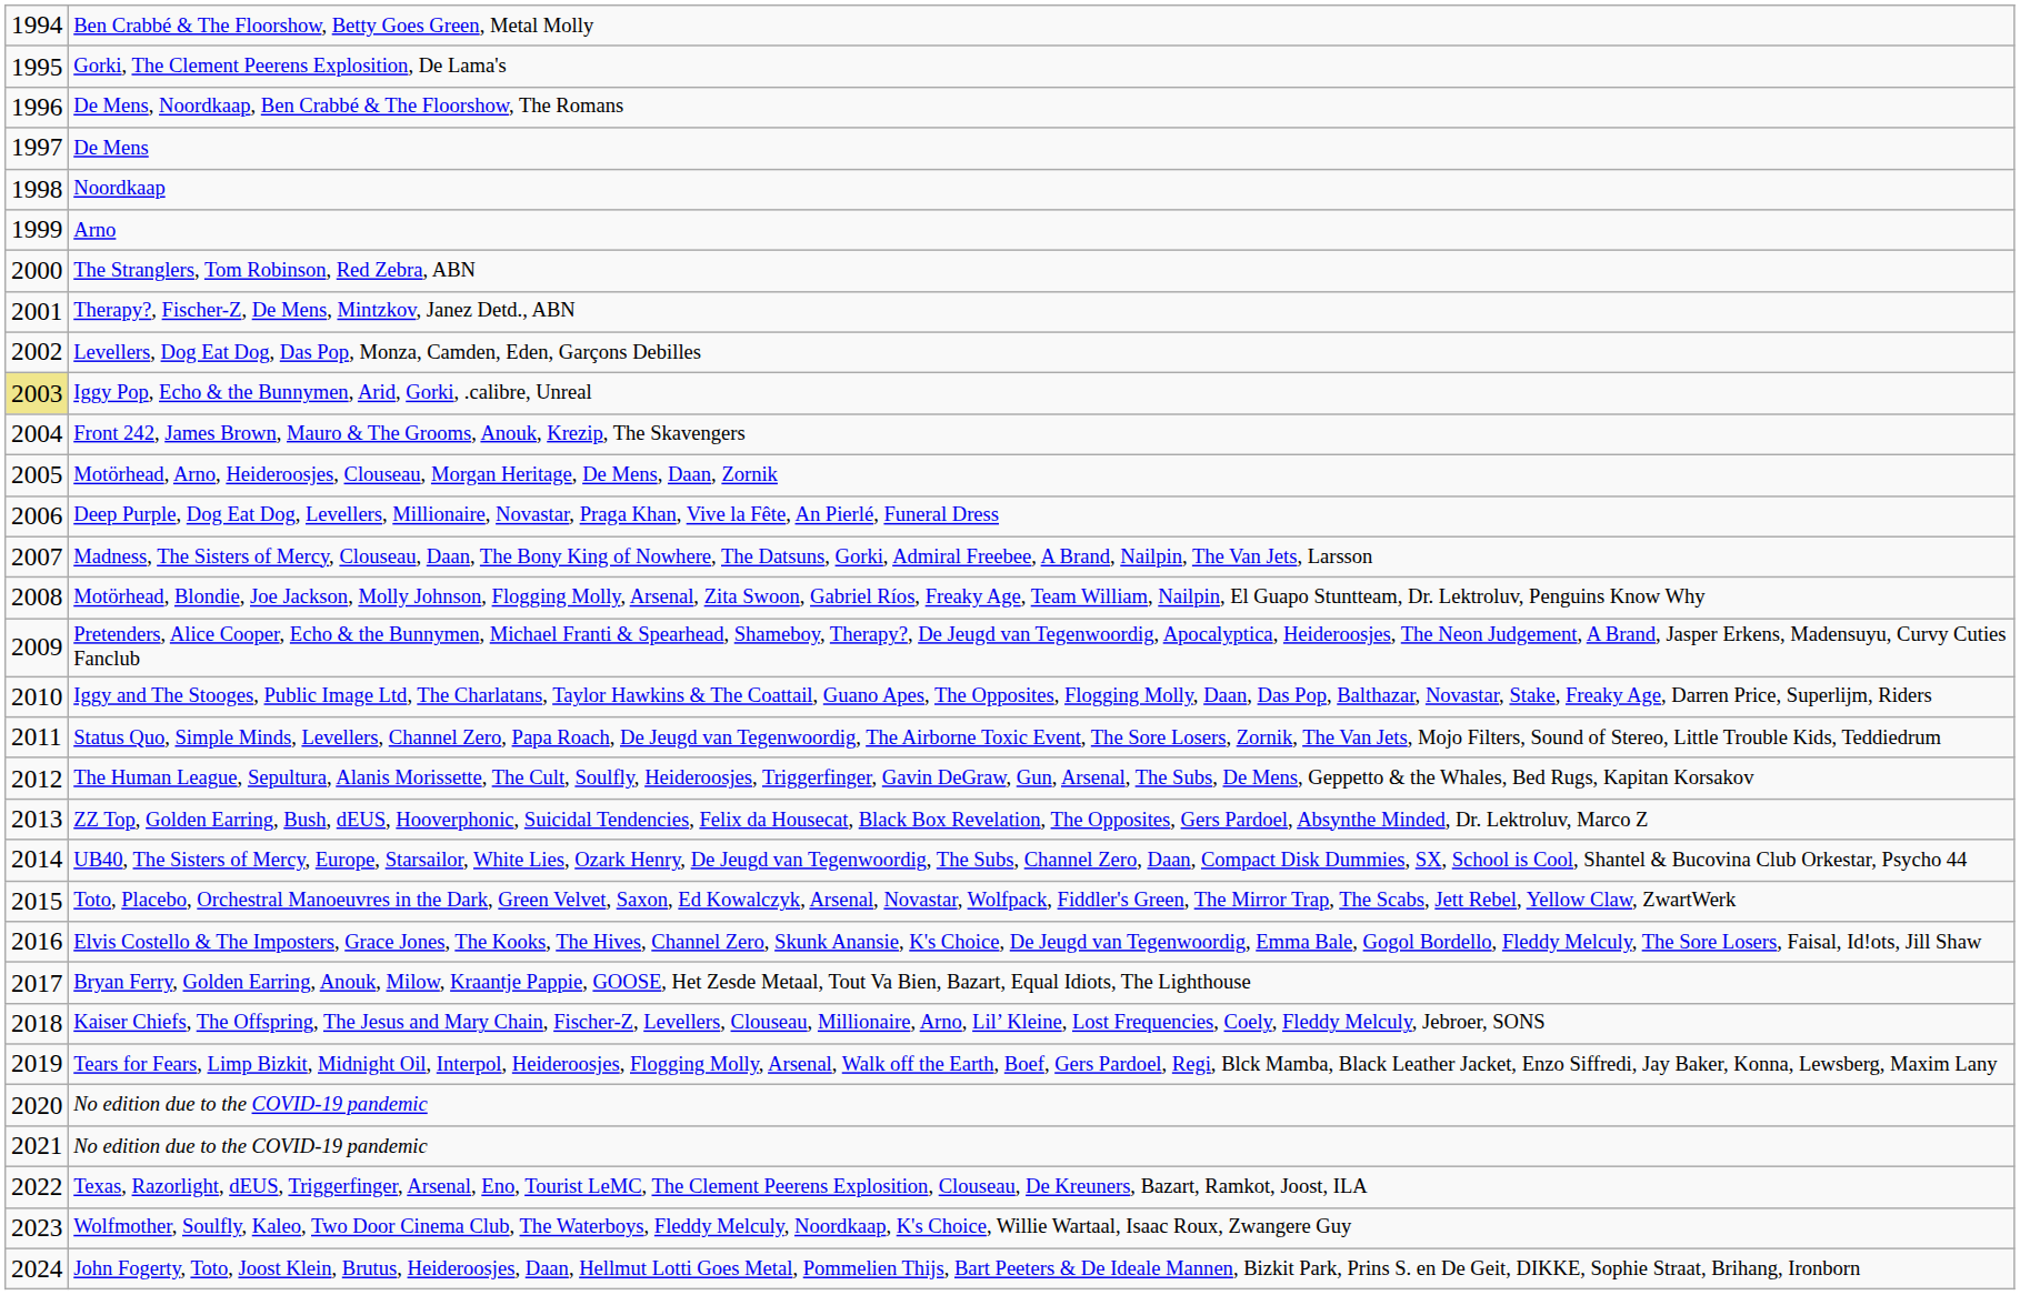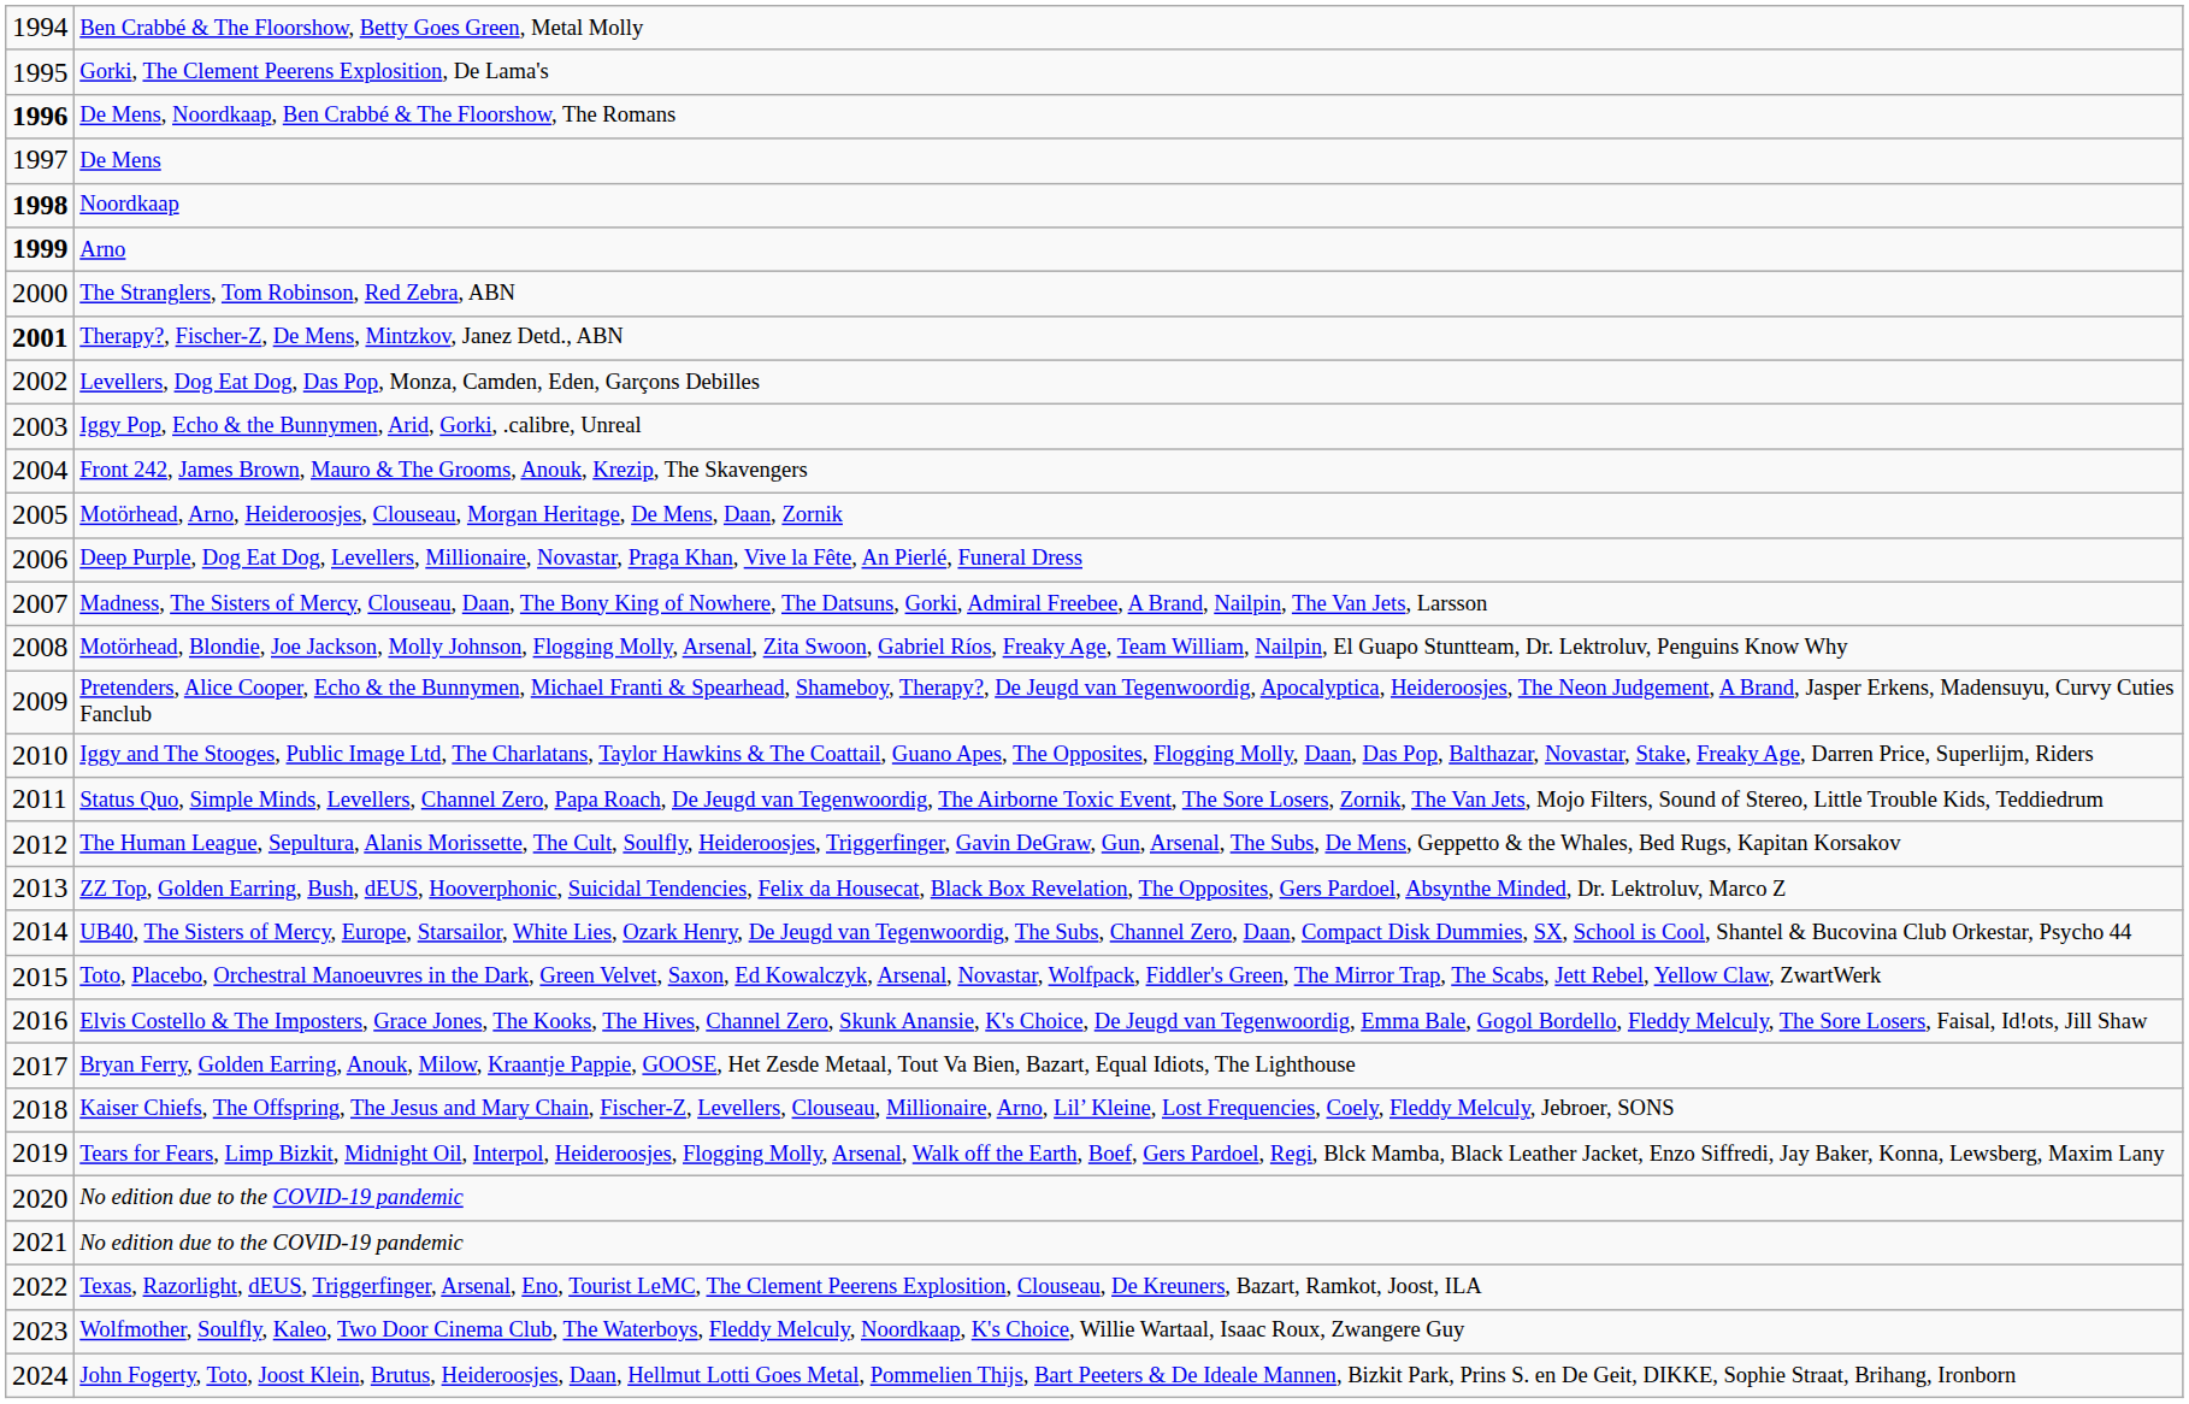 <table class="wikitable">
 <tr>
 <td>1994</td>
 <td colspan="3" align="left" style="font-size:80%"><a href='#'>Ben Crabbé & The Floorshow</a>, <a href='#'>Betty Goes Green</a>, Metal Molly</td>
 </tr>
 <tr>
 <td>1995</td>
 <td colspan="3" align="left" style="font-size:80%"><a href='#'>Gorki</a>, <a href='#'>The Clement Peerens Explosition</a>, De Lama's</td>
 </tr>
 <tr>
-<td>1996</td>
+<td><strong>1996</strong></td>
 <td colspan="3" align="left" style="font-size:80%"><a href='#'>De Mens</a>, <a href='#'>Noordkaap</a>, <a href='#'>Ben Crabbé & The Floorshow</a>, The Romans</td>
 </tr>
 <tr>
 <td>1997</td>
 <td colspan="3" align="left" style="font-size:80%"><a href='#'>De Mens</a></td>
 </tr>
 <tr>
-<td>1998</td>
+<td><strong>1998</strong></td>
 <td colspan="3" align="left" style="font-size:80%"><a href='#'>Noordkaap</a></td>
 </tr>
 <tr>
-<td>1999</td>
+<td><strong>1999</strong></td>
 <td colspan="3" align="left" style="font-size:80%"><a href='#'>Arno</a></td>
 </tr>
 <tr>
 <td>2000</td>
 <td colspan="3" align="left" style="font-size:80%"><a href='#'>The Stranglers</a>, <a href='#'>Tom Robinson</a>, <a href='#'>Red Zebra</a>, ABN</td>
 </tr>
 <tr>
-<td>2001</td>
+<td><strong>2001</strong></td>
 <td colspan="3" align="left" style="font-size:80%"><a href='#'>Therapy?</a>, <a href='#'>Fischer-Z</a>, <a href='#'>De Mens</a>, <a href='#'>Mintzkov</a>, Janez Detd., ABN</td>
 </tr>
 <tr>
 <td>2002</td>
 <td colspan="3" align="left" style="font-size:80%"><a href='#'>Levellers</a>, <a href='#'>Dog Eat Dog</a>, <a href='#'>Das Pop</a>, Monza, Camden, Eden, Garçons Debilles</td>
 </tr>
 <tr>
-<td style="background: khaki;">2003</td>
+<td>2003</td>
 <td colspan="3" align="left" style="font-size:80%"><a href='#'>Iggy Pop</a>, <a href='#'>Echo & the Bunnymen</a>, <a href='#'>Arid</a>, <a href='#'>Gorki</a>, .calibre, Unreal</td>
 </tr>
 <tr>
 <td>2004</td>
 <td colspan="3" align="left" style="font-size:80%"><a href='#'>Front 242</a>, <a href='#'>James Brown</a>, <a href='#'>Mauro & The Grooms</a>, <a href='#'>Anouk</a>, <a href='#'>Krezip</a>, The Skavengers</td>
 </tr>
 <tr>
 <td>2005</td>
 <td colspan="3" align="left" style="font-size:80%"><a href='#'>Motörhead</a>, <a href='#'>Arno</a>, <a href='#'>Heideroosjes</a>, <a href='#'>Clouseau</a>, <a href='#'>Morgan Heritage</a>, <a href='#'>De Mens</a>, <a href='#'>Daan</a>, <a href='#'>Zornik</a></td>
 </tr>
 <tr>
 <td>2006</td>
 <td colspan="3" align="left" style="font-size:80%"><a href='#'>Deep Purple</a>, <a href='#'>Dog Eat Dog</a>, <a href='#'>Levellers</a>, <a href='#'>Millionaire</a>, <a href='#'>Novastar</a>, <a href='#'>Praga Khan</a>, <a href='#'>Vive la Fête</a>, <a href='#'>An Pierlé</a>, <a href='#'>Funeral Dress</a></td>
 </tr>
 <tr>
 <td>2007</td>
 <td colspan="3" align="left" style="font-size:80%"><a href='#'>Madness</a>, <a href='#'>The Sisters of Mercy</a>, <a href='#'>Clouseau</a>, <a href='#'>Daan</a>, <a href='#'>The Bony King of Nowhere</a>, <a href='#'>The Datsuns</a>, <a href='#'>Gorki</a>, <a href='#'>Admiral Freebee</a>, <a href='#'>A Brand</a>, <a href='#'>Nailpin</a>, <a href='#'>The Van Jets</a>, Larsson</td>
 </tr>
 <tr>
 <td>2008</td>
 <td colspan="3" align="left" style="font-size:80%"><a href='#'>Motörhead</a>, <a href='#'>Blondie</a>, <a href='#'>Joe Jackson</a>, <a href='#'>Molly Johnson</a>, <a href='#'>Flogging Molly</a>, <a href='#'>Arsenal</a>, <a href='#'>Zita Swoon</a>, <a href='#'>Gabriel Ríos</a>, <a href='#'>Freaky Age</a>, <a href='#'>Team William</a>, <a href='#'>Nailpin</a>, El Guapo Stuntteam, Dr. Lektroluv, Penguins Know Why</td>
 </tr>
 <tr>
 <td>2009</td>
 <td colspan="3" align="left" style="font-size:80%"><a href='#'>Pretenders</a>, <a href='#'>Alice Cooper</a>, <a href='#'>Echo & the Bunnymen</a>, <a href='#'>Michael Franti & Spearhead</a>, <a href='#'>Shameboy</a>, <a href='#'>Therapy?</a>, <a href='#'>De Jeugd van Tegenwoordig</a>, <a href='#'>Apocalyptica</a>, <a href='#'>Heideroosjes</a>, <a href='#'>The Neon Judgement</a>, <a href='#'>A Brand</a>, Jasper Erkens, Madensuyu, Curvy Cuties Fanclub</td>
 </tr>
 <tr>
 <td>2010</td>
 <td colspan="3" align="left" style="font-size:80%"><a href='#'>Iggy and The Stooges</a>, <a href='#'>Public Image Ltd</a>, <a href='#'>The Charlatans</a>, <a href='#'>Taylor Hawkins & The Coattail</a>, <a href='#'>Guano Apes</a>, <a href='#'>The Opposites</a>, <a href='#'>Flogging Molly</a>, <a href='#'>Daan</a>, <a href='#'>Das Pop</a>, <a href='#'>Balthazar</a>, <a href='#'>Novastar</a>, <a href='#'>Stake</a>, <a href='#'>Freaky Age</a>, Darren Price, Superlijm, Riders</td>
 </tr>
 <tr>
 <td>2011</td>
 <td colspan="3" align="left" style="font-size:80%"><a href='#'>Status Quo</a>, <a href='#'>Simple Minds</a>, <a href='#'>Levellers</a>, <a href='#'>Channel Zero</a>, <a href='#'>Papa Roach</a>, <a href='#'>De Jeugd van Tegenwoordig</a>, <a href='#'>The Airborne Toxic Event</a>, <a href='#'>The Sore Losers</a>, <a href='#'>Zornik</a>, <a href='#'>The Van Jets</a>, Mojo Filters, Sound of Stereo, Little Trouble Kids, Teddiedrum</td>
 </tr>
 <tr>
 <td>2012</td>
 <td colspan="3" align="left" style="font-size:80%"><a href='#'>The Human League</a>, <a href='#'>Sepultura</a>, <a href='#'>Alanis Morissette</a>, <a href='#'>The Cult</a>,  <a href='#'>Soulfly</a>, <a href='#'>Heideroosjes</a>, <a href='#'>Triggerfinger</a>, <a href='#'>Gavin DeGraw</a>, <a href='#'>Gun</a>, <a href='#'>Arsenal</a>, <a href='#'>The Subs</a>, <a href='#'>De Mens</a>, Geppetto & the Whales, Bed Rugs, Kapitan Korsakov</td>
 </tr>
 <tr>
 <td>2013</td>
 <td colspan="3" align="left" style="font-size:80%"><a href='#'>ZZ Top</a>, <a href='#'>Golden Earring</a>, <a href='#'>Bush</a>, <a href='#'>dEUS</a>, <a href='#'>Hooverphonic</a>, <a href='#'>Suicidal Tendencies</a>, <a href='#'>Felix da Housecat</a>, <a href='#'>Black Box Revelation</a>, <a href='#'>The Opposites</a>, <a href='#'>Gers Pardoel</a>, <a href='#'>Absynthe Minded</a>, Dr. Lektroluv, Marco Z</td>
 </tr>
 <tr>
 <td>2014</td>
 <td colspan="3" align="left" style="font-size:80%"><a href='#'>UB40</a>, <a href='#'>The Sisters of Mercy</a>, <a href='#'>Europe</a>, <a href='#'>Starsailor</a>, <a href='#'>White Lies</a>, <a href='#'>Ozark Henry</a>, <a href='#'>De Jeugd van Tegenwoordig</a>, <a href='#'>The Subs</a>, <a href='#'>Channel Zero</a>, <a href='#'>Daan</a>, <a href='#'>Compact Disk Dummies</a>, <a href='#'>SX</a>, <a href='#'>School is Cool</a>, Shantel & Bucovina Club Orkestar, Psycho 44</td>
 </tr>
 <tr>
 <td>2015</td>
 <td colspan="3" align="left" style="font-size:80%"><a href='#'>Toto</a>, <a href='#'>Placebo</a>, <a href='#'>Orchestral Manoeuvres in the Dark</a>, <a href='#'>Green Velvet</a>, <a href='#'>Saxon</a>, <a href='#'>Ed Kowalczyk</a>, <a href='#'>Arsenal</a>, <a href='#'>Novastar</a>, <a href='#'>Wolfpack</a>, <a href='#'>Fiddler's Green</a>, <a href='#'>The Mirror Trap</a>, <a href='#'>The Scabs</a>, <a href='#'>Jett Rebel</a>, <a href='#'>Yellow Claw</a>, ZwartWerk</td>
 </tr>
 <tr>
 <td>2016</td>
 <td colspan="3" align="left" style="font-size:80%"><a href='#'>Elvis Costello & The Imposters</a>, <a href='#'>Grace Jones</a>, <a href='#'>The Kooks</a>, <a href='#'>The Hives</a>, <a href='#'>Channel Zero</a>, <a href='#'>Skunk Anansie</a>, <a href='#'>K's Choice</a>, <a href='#'>De Jeugd van Tegenwoordig</a>, <a href='#'>Emma Bale</a>, <a href='#'>Gogol Bordello</a>, <a href='#'>Fleddy Melculy</a>, <a href='#'>The Sore Losers</a>, Faisal, Id!ots, Jill Shaw</td>
 </tr>
 <tr>
 <td>2017</td>
 <td colspan="3" align="left" style="font-size:80%"><a href='#'>Bryan Ferry</a>, <a href='#'>Golden Earring</a>, <a href='#'>Anouk</a>, <a href='#'>Milow</a>, <a href='#'>Kraantje Pappie</a>, <a href='#'>GOOSE</a>, Het Zesde Metaal, Tout Va Bien, Bazart, Equal Idiots, The Lighthouse</td>
 </tr>
 <tr>
 <td>2018</td>
 <td colspan="3" align="left" style="font-size:80%"><a href='#'>Kaiser Chiefs</a>, <a href='#'>The Offspring</a>, <a href='#'>The Jesus and Mary Chain</a>, <a href='#'>Fischer-Z</a>, <a href='#'>Levellers</a>, <a href='#'>Clouseau</a>, <a href='#'>Millionaire</a>, <a href='#'>Arno</a>, <a href='#'>Lil’ Kleine</a>, <a href='#'>Lost Frequencies</a>, <a href='#'>Coely</a>, <a href='#'>Fleddy Melculy</a>, Jebroer, SONS</td>
 </tr>
 <tr>
 <td>2019</td>
 <td colspan="3" align="left" style="font-size:80%"><a href='#'>Tears for Fears</a>, <a href='#'>Limp Bizkit</a>, <a href='#'>Midnight Oil</a>, <a href='#'>Interpol</a>, <a href='#'>Heideroosjes</a>, <a href='#'>Flogging Molly</a>, <a href='#'>Arsenal</a>, <a href='#'>Walk off the Earth</a>, <a href='#'>Boef</a>, <a href='#'>Gers Pardoel</a>, <a href='#'>Regi</a>, Blck Mamba, Black Leather Jacket, Enzo Siffredi, Jay Baker, Konna, Lewsberg, Maxim Lany</td>
 </tr>
 <tr>
 <td>2020</td>
 <td colspan="3" align="left" style="font-size:80%"><em>No edition due to the <a href='#'>COVID-19 pandemic</a></em></td>
 </tr>
 <tr>
 <td>2021</td>
 <td colspan="3" align="left" style="font-size:80%"><em>No edition due to the COVID-19 pandemic</em></td>
 </tr>
 <tr>
 <td>2022</td>
 <td colspan="3" align="left" style="font-size:80%"><a href='#'>Texas</a>, <a href='#'>Razorlight</a>, <a href='#'>dEUS</a>, <a href='#'>Triggerfinger</a>, <a href='#'>Arsenal</a>, <a href='#'>Eno</a>, <a href='#'>Tourist LeMC</a>, <a href='#'>The Clement Peerens Explosition</a>, <a href='#'>Clouseau</a>, <a href='#'>De Kreuners</a>, Bazart, Ramkot, Joost, ILA</td>
 </tr>
 <tr>
 <td>2023</td>
 <td colspan="3" align="left" style="font-size:80%"><a href='#'>Wolfmother</a>, <a href='#'>Soulfly</a>, <a href='#'>Kaleo</a>, <a href='#'>Two Door Cinema Club</a>, <a href='#'>The Waterboys</a>, <a href='#'>Fleddy Melculy</a>, <a href='#'>Noordkaap</a>, <a href='#'>K's Choice</a>, Willie Wartaal, Isaac Roux, Zwangere Guy</td>
 </tr>
 <tr>
 <td>2024</td>
 <td colspan="3" align="left" style="font-size:80%"><a href='#'>John Fogerty</a>, <a href='#'>Toto</a>, <a href='#'>Joost Klein</a>, <a href='#'>Brutus</a>, <a href='#'>Heideroosjes</a>, <a href='#'>Daan</a>, <a href='#'>Hellmut Lotti Goes Metal</a>, <a href='#'>Pommelien Thijs</a>, <a href='#'>Bart Peeters & De Ideale Mannen</a>, Bizkit Park, Prins S. en De Geit, DIKKE, Sophie Straat, Brihang, Ironborn</td>
 </tr>
 </table>
